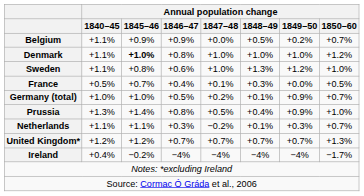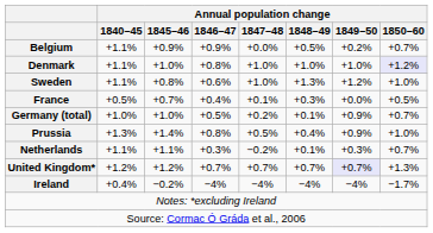 <table class="wikitable" style="font-size: 90%; text-align:center; white-space:nowrap;">
 <tr>
 <th></th>
 <th colspan = 7>Annual population change</th>
 </tr>
 <tr>
 <th></th>
 <th>1840–45</th>
 <th>1845–46</th>
 <th>1846–47</th>
 <th>1847–48</th>
 <th>1848–49</th>
 <th>1849–50</th>
 <th>1850–60</th>
 </tr>
 <tr>
 <th>Belgium</th>
 <td>+1.1%</td>
 <td>+0.9%</td>
 <td>+0.9%</td>
 <td>+0.0%</td>
 <td>+0.5%</td>
 <td>+0.2%</td>
 <td>+0.7%</td>
 </tr>
 <tr>
 <th>Denmark</th>
 <td>+1.1%</td>
-<td><strong>+1.0%</strong></td>
+<td>+1.0%</td>
 <td>+0.8%</td>
 <td>+1.0%</td>
 <td>+1.0%</td>
 <td>+1.0%</td>
-<td>+1.2%</td>
+<td style="background: lavender;">+1.2%</td>
 </tr>
 <tr>
 <th>Sweden</th>
 <td>+1.1%</td>
 <td>+0.8%</td>
 <td>+0.6%</td>
 <td>+1.0%</td>
 <td>+1.3%</td>
 <td>+1.2%</td>
 <td>+1.0%</td>
 </tr>
 <tr>
 <th>France</th>
 <td>+0.5%</td>
 <td>+0.7%</td>
 <td>+0.4%</td>
 <td>+0.1%</td>
 <td>+0.3%</td>
 <td>+0.0%</td>
 <td>+0.5%</td>
 </tr>
 <tr>
 <th>Germany (total)</th>
 <td>+1.0%</td>
 <td>+1.0%</td>
 <td>+0.5%</td>
 <td>+0.2%</td>
 <td>+0.1%</td>
 <td>+0.9%</td>
 <td>+0.7%</td>
 </tr>
 <tr>
 <th>Prussia</th>
 <td>+1.3%</td>
 <td>+1.4%</td>
 <td>+0.8%</td>
 <td>+0.5%</td>
 <td>+0.4%</td>
 <td>+0.9%</td>
 <td>+1.0%</td>
 </tr>
 <tr>
 <th>Netherlands</th>
 <td>+1.1%</td>
 <td>+1.1%</td>
 <td>+0.3%</td>
 <td>−0.2%</td>
 <td>+0.1%</td>
 <td>+0.3%</td>
 <td>+0.7%</td>
 </tr>
 <tr>
 <th>United Kingdom*</th>
 <td>+1.2%</td>
 <td>+1.2%</td>
 <td>+0.7%</td>
 <td>+0.7%</td>
 <td>+0.7%</td>
-<td>+0.7%</td>
+<td style="background: lavender;">+0.7%</td>
 <td>+1.3%</td>
 </tr>
 <tr>
 <th>Ireland</th>
 <td>+0.4%</td>
 <td>−0.2%</td>
 <td>−4%</td>
 <td>−4%</td>
 <td>−4%</td>
 <td>−4%</td>
 <td>−1.7%</td>
 </tr>
 <tr>
 <td colspan=8><em>Notes: *excluding Ireland</em></td>
 </tr>
 <tr>
 <td colspan=8>Source: <a href='#'>Cormac Ó Gráda</a> et al., 2006</td>
 </tr>
 </table>
